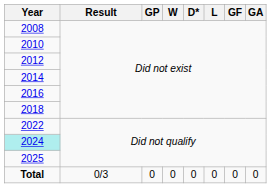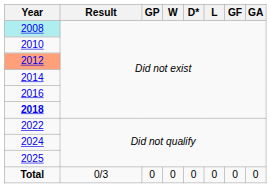 <table class="wikitable" style="text-align: center;">
 <tr>
 <th width=80>Year</th>
 <th width=120>Result</th>
 <th width=25>GP</th>
 <th width=25>W</th>
 <th width=25>D*</th>
 <th width=25>L</th>
 <th width=25>GF</th>
 <th width=25>GA</th>
 </tr>
 <tr>
-<td> <a href='#'>2008</a></td>
+<td style="background: paleturquoise;"> <a href='#'>2008</a></td>
 <td colspan=7 rowspan=6><em>Did not exist</em></td>
 </tr>
 <tr>
 <td> <a href='#'>2010</a></td>
 </tr>
 <tr>
-<td> <a href='#'>2012</a></td>
+<td style="background: lightsalmon;"> <a href='#'>2012</a></td>
 </tr>
 <tr>
 <td> <a href='#'>2014</a></td>
 </tr>
 <tr>
 <td> <a href='#'>2016</a></td>
 </tr>
 <tr>
-<td> <a href='#'>2018</a></td>
+<td><strong> <a href='#'>2018</a></strong></td>
 </tr>
 <tr>
 <td> <a href='#'>2022</a></td>
 <td colspan=7 rowspan=3><em>Did not qualify</em></td>
 </tr>
 <tr>
-<td style="background: paleturquoise;"> <a href='#'>2024</a></td>
+<td> <a href='#'>2024</a></td>
 </tr>
 <tr>
 <td> <a href='#'>2025</a></td>
 </tr>
 <tr>
 <td><strong>Total</strong></td>
 <td>0/3</td>
 <td>0</td>
 <td>0</td>
 <td>0</td>
 <td>0</td>
 <td>0</td>
 <td>0</td>
 </tr>
 </table>
